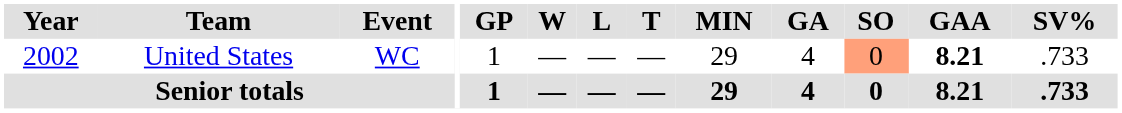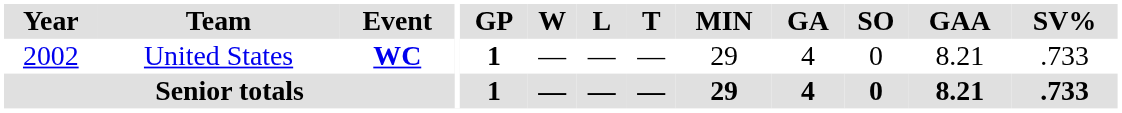 <table border="0" cellpadding="1" cellspacing="0" ID="Table3" style="text-align:center; width:40em">
 <tr ALIGN="center" bgcolor="#e0e0e0">
 <th>Year</th>
 <th>Team</th>
 <th>Event</th>
 <th rowspan="99" bgcolor="#ffffff"></th>
 <th>GP</th>
 <th>W</th>
 <th>L</th>
 <th>T</th>
 <th>MIN</th>
 <th>GA</th>
 <th>SO</th>
 <th>GAA</th>
 <th>SV%</th>
 </tr>
 <tr>
 <td><a href='#'>2002</a></td>
 <td><a href='#'>United States</a></td>
-<td><a href='#'>WC</a></td>
-<td>1</td>
+<td><strong><a href='#'>WC</a></strong></td>
+<td><strong>1</strong></td>
 <td>—</td>
 <td>—</td>
 <td>—</td>
 <td>29</td>
 <td>4</td>
-<td style="background: lightsalmon;">0</td>
-<td><strong>8.21</strong></td>
+<td>0</td>
+<td>8.21</td>
 <td>.733</td>
 </tr>
 <tr bgcolor="#e0e0e0">
 <th colspan=3>Senior totals</th>
 <th>1</th>
 <th>—</th>
 <th>—</th>
 <th>—</th>
 <th>29</th>
 <th>4</th>
 <th>0</th>
 <th>8.21</th>
 <th>.733</th>
 </tr>
 </table>
